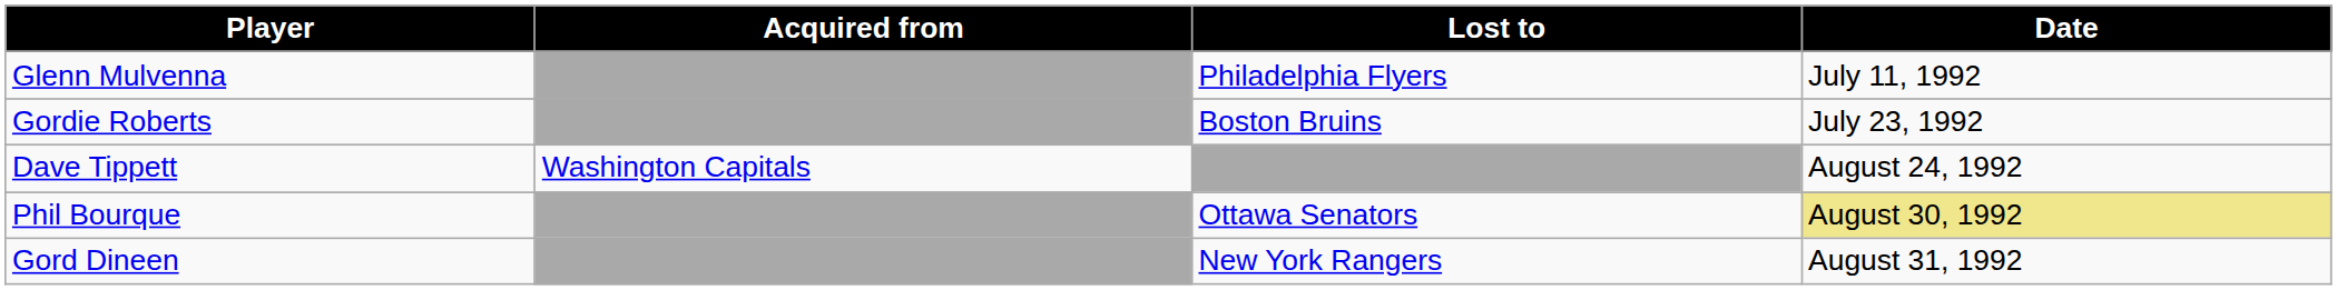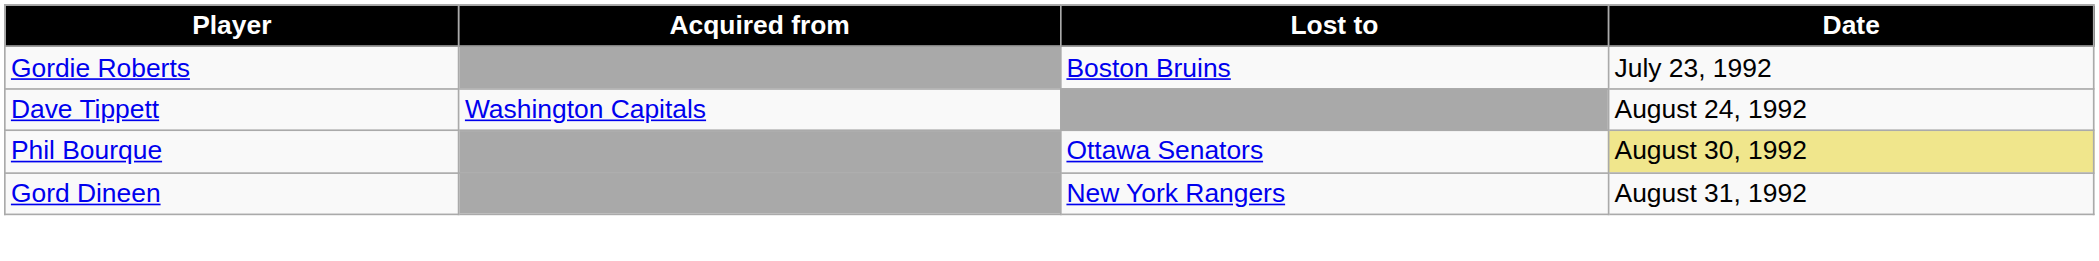 <table class="wikitable" style="width:80%;">
 <tr style="text-align:center; background:#ddd;">
 <th style="color:white; background:#000000; ">Player</th>
 <th style="color:white; background:#000000; ">Acquired from</th>
 <th style="color:white; background:#000000; ">Lost to</th>
 <th style="color:white; background:#000000; ">Date</th>
-</tr>
-<tr>
-<td><a href='#'>Glenn Mulvenna</a></td>
-<td style="background:darkgray;"></td>
-<td><a href='#'>Philadelphia Flyers</a></td>
-<td>July 11, 1992</td>
 </tr>
 <tr>
 <td><a href='#'>Gordie Roberts</a></td>
 <td style="background:darkgray;"></td>
 <td><a href='#'>Boston Bruins</a></td>
 <td>July 23, 1992</td>
 </tr>
 <tr>
 <td><a href='#'>Dave Tippett</a></td>
 <td><a href='#'>Washington Capitals</a></td>
 <td style="background:darkgray;"></td>
 <td>August 24, 1992</td>
 </tr>
 <tr>
 <td><a href='#'>Phil Bourque</a></td>
 <td style="background:darkgray;"></td>
 <td><a href='#'>Ottawa Senators</a></td>
 <td style="background: khaki;">August 30, 1992</td>
 </tr>
 <tr>
 <td><a href='#'>Gord Dineen</a></td>
 <td style="background:darkgray;"></td>
 <td><a href='#'>New York Rangers</a></td>
 <td>August 31, 1992</td>
 </tr>
 </table>
